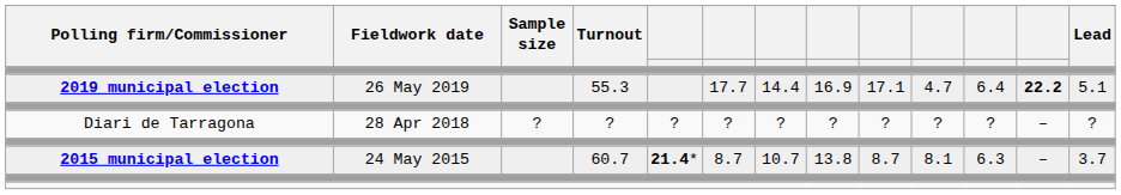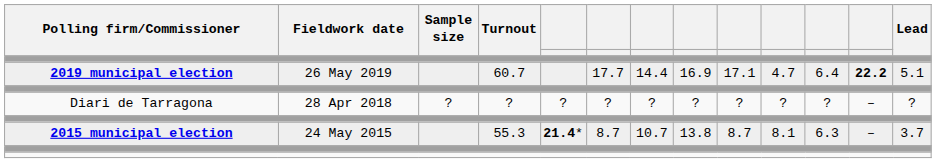 <table class="wikitable collapsible collapsed" style="text-align:center; font-size:95%; line-height:16px;">
 <tr style="height:42px;">
 <th style="width:250px;" rowspan="2">Polling firm/Commissioner</th>
 <th style="width:125px;" rowspan="2">Fieldwork date</th>
 <th style="width:50px;" rowspan="2">Sample size</th>
 <th style="width:45px;" rowspan="2">Turnout</th>
 <th style="width:35px;"></th>
 <th style="width:35px;"></th>
 <th style="width:35px;"></th>
 <th style="width:35px;"></th>
 <th style="width:35px;"></th>
 <th style="width:35px;"></th>
 <th style="width:35px;"></th>
 <th style="width:35px;"></th>
 <th style="width:30px;" rowspan="2">Lead</th>
 </tr>
 <tr>
 <th style="color:inherit;background:"></th>
 <th style="color:inherit;background:"></th>
 <th style="color:inherit;background:"></th>
 <th style="color:inherit;background:"></th>
 <th style="color:inherit;background:"></th>
 <th style="color:inherit;background:"></th>
 <th style="color:inherit;background:"></th>
 <th style="color:inherit;background:"></th>
 </tr>
 <tr>
 <td colspan="13" style="background:#A0A0A0"></td>
 </tr>
 <tr style="background:#EFEFEF;">
 <td><strong><a href='#'>2019 municipal election</a></strong></td>
 <td>26 May 2019</td>
 <td></td>
-<td>55.3</td>
+<td>60.7</td>
 <td></td>
 <td>17.7<br></td>
 <td>14.4<br></td>
 <td>16.9<br></td>
 <td>17.1<br></td>
 <td>4.7<br></td>
 <td>6.4<br></td>
 <td><strong>22.2</strong><br></td>
 <td style="background:">5.1</td>
 </tr>
 <tr>
 <td colspan="13" style="background:#A0A0A0"></td>
 </tr>
 <tr>
 <td>Diari de Tarragona</td>
 <td>28 Apr 2018</td>
 <td>?</td>
 <td>?</td>
 <td>?<br></td>
 <td>?<br></td>
 <td>?<br></td>
 <td>?<br></td>
 <td>?<br></td>
 <td>?<br></td>
 <td>?<br></td>
 <td>–</td>
 <td style="background:">?</td>
 </tr>
 <tr>
 <td colspan="13" style="background:#A0A0A0"></td>
 </tr>
 <tr style="background:#EFEFEF;">
 <td><strong><a href='#'>2015 municipal election</a></strong></td>
 <td>24 May 2015</td>
 <td></td>
-<td>60.7</td>
+<td>55.3</td>
 <td><strong>21.4</strong>*<br></td>
 <td>8.7<br></td>
 <td>10.7<br></td>
 <td>13.8<br></td>
 <td>8.7<br></td>
 <td>8.1<br></td>
 <td>6.3<br></td>
 <td>–</td>
 <td style="background:">3.7</td>
 </tr>
 <tr>
 <td colspan="13" style="background:#A0A0A0"></td>
 </tr>
 <tr>
 <td align="left" colspan="13"></td>
 </tr>
 </table>
